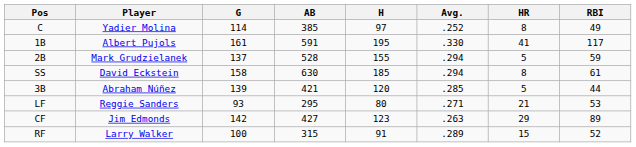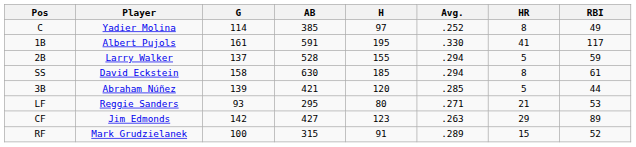 <table class="wikitable sortable">
 <tr>
 <th bgcolor="#DDDDFF" width="9%">Pos</th>
 <th bgcolor="#DDDDFF" width="16%">Player</th>
 <th bgcolor="#DDDDFF" width="9%">G</th>
 <th bgcolor="#DDDDFF" width="9%">AB</th>
 <th bgcolor="#DDDDFF" width="9%">H</th>
 <th bgcolor="#DDDDFF" width="9%">Avg.</th>
 <th bgcolor="#DDDDFF" width="9%">HR</th>
 <th bgcolor="#DDDDFF" width="9%">RBI</th>
 </tr>
 <tr align="center">
 <td>C</td>
 <td><a href='#'>Yadier Molina</a></td>
 <td>114</td>
 <td>385</td>
 <td>97</td>
 <td>.252</td>
 <td>8</td>
 <td>49</td>
 </tr>
 <tr align="center">
 <td>1B</td>
 <td><a href='#'>Albert Pujols</a></td>
 <td>161</td>
 <td>591</td>
 <td>195</td>
 <td>.330</td>
 <td>41</td>
 <td>117</td>
 </tr>
 <tr align="center">
 <td>2B</td>
-<td><a href='#'>Mark Grudzielanek</a></td>
+<td><a href='#'>Larry Walker</a></td>
 <td>137</td>
 <td>528</td>
 <td>155</td>
 <td>.294</td>
 <td>5</td>
 <td>59</td>
 </tr>
 <tr align="center">
 <td>SS</td>
 <td><a href='#'>David Eckstein</a></td>
 <td>158</td>
 <td>630</td>
 <td>185</td>
 <td>.294</td>
 <td>8</td>
 <td>61</td>
 </tr>
 <tr align="center">
 <td>3B</td>
 <td><a href='#'>Abraham Núñez</a></td>
 <td>139</td>
 <td>421</td>
 <td>120</td>
 <td>.285</td>
 <td>5</td>
 <td>44</td>
 </tr>
 <tr align="center">
 <td>LF</td>
 <td><a href='#'>Reggie Sanders</a></td>
 <td>93</td>
 <td>295</td>
 <td>80</td>
 <td>.271</td>
 <td>21</td>
 <td>53</td>
 </tr>
 <tr align="center">
 <td>CF</td>
 <td><a href='#'>Jim Edmonds</a></td>
 <td>142</td>
 <td>427</td>
 <td>123</td>
 <td>.263</td>
 <td>29</td>
 <td>89</td>
 </tr>
 <tr align="center">
 <td>RF</td>
-<td><a href='#'>Larry Walker</a></td>
+<td><a href='#'>Mark Grudzielanek</a></td>
 <td>100</td>
 <td>315</td>
 <td>91</td>
 <td>.289</td>
 <td>15</td>
 <td>52</td>
 </tr>
 </table>
